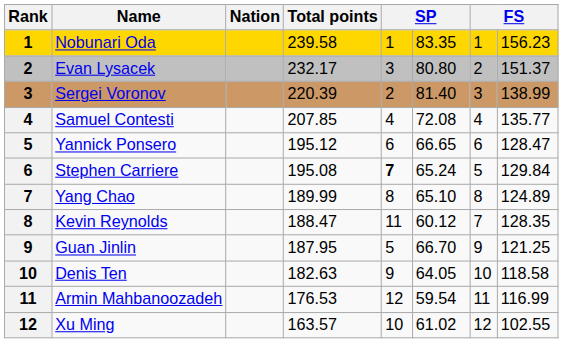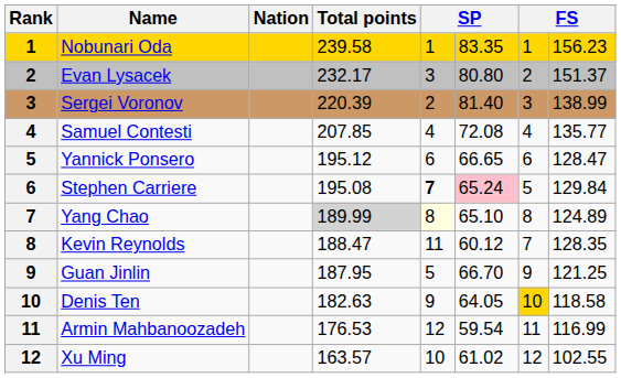 <table class="wikitable sortable">
 <tr>
 <th>Rank</th>
 <th>Name</th>
 <th>Nation</th>
 <th>Total points</th>
 <th colspan="2" width="80px"><a href='#'>SP</a></th>
 <th colspan="2" width="80px"><a href='#'>FS</a></th>
 </tr>
 <tr bgcolor="gold">
 <td align="center"><strong>1</strong></td>
 <td><a href='#'>Nobunari Oda</a></td>
 <td></td>
 <td>239.58</td>
 <td>1</td>
 <td>83.35</td>
 <td>1</td>
 <td>156.23</td>
 </tr>
 <tr bgcolor="silver">
 <td align="center"><strong>2</strong></td>
 <td><a href='#'>Evan Lysacek</a></td>
 <td></td>
 <td>232.17</td>
 <td>3</td>
 <td>80.80</td>
 <td>2</td>
 <td>151.37</td>
 </tr>
 <tr bgcolor="cc9966">
 <td align="center"><strong>3</strong></td>
 <td><a href='#'>Sergei Voronov</a></td>
 <td></td>
 <td>220.39</td>
 <td>2</td>
 <td>81.40</td>
 <td>3</td>
 <td>138.99</td>
 </tr>
 <tr>
 <th>4</th>
 <td><a href='#'>Samuel Contesti</a></td>
 <td></td>
 <td>207.85</td>
 <td>4</td>
 <td>72.08</td>
 <td>4</td>
 <td>135.77</td>
 </tr>
 <tr>
 <th>5</th>
 <td><a href='#'>Yannick Ponsero</a></td>
 <td></td>
 <td>195.12</td>
 <td>6</td>
 <td>66.65</td>
 <td>6</td>
 <td>128.47</td>
 </tr>
 <tr>
 <th>6</th>
 <td><a href='#'>Stephen Carriere</a></td>
 <td></td>
 <td>195.08</td>
 <td><strong>7</strong></td>
-<td>65.24</td>
+<td style="background: pink;">65.24</td>
 <td>5</td>
 <td>129.84</td>
 </tr>
 <tr>
 <th>7</th>
 <td><a href='#'>Yang Chao</a></td>
 <td></td>
-<td>189.99</td>
-<td>8</td>
+<td style="background: lightgrey;">189.99</td>
+<td style="background: lightyellow;">8</td>
 <td>65.10</td>
 <td>8</td>
 <td>124.89</td>
 </tr>
 <tr>
 <th>8</th>
 <td><a href='#'>Kevin Reynolds</a></td>
 <td></td>
 <td>188.47</td>
 <td>11</td>
 <td>60.12</td>
 <td>7</td>
 <td>128.35</td>
 </tr>
 <tr>
 <th>9</th>
 <td><a href='#'>Guan Jinlin</a></td>
 <td></td>
 <td>187.95</td>
 <td>5</td>
 <td>66.70</td>
 <td>9</td>
 <td>121.25</td>
 </tr>
 <tr>
 <th>10</th>
 <td><a href='#'>Denis Ten</a></td>
 <td></td>
 <td>182.63</td>
 <td>9</td>
 <td>64.05</td>
-<td>10</td>
+<td style="background: gold;">10</td>
 <td>118.58</td>
 </tr>
 <tr>
 <th>11</th>
 <td><a href='#'>Armin Mahbanoozadeh</a></td>
 <td></td>
 <td>176.53</td>
 <td>12</td>
 <td>59.54</td>
 <td>11</td>
 <td>116.99</td>
 </tr>
 <tr>
 <th>12</th>
 <td><a href='#'>Xu Ming</a></td>
 <td></td>
 <td>163.57</td>
 <td>10</td>
 <td>61.02</td>
 <td>12</td>
 <td>102.55</td>
 </tr>
 </table>
